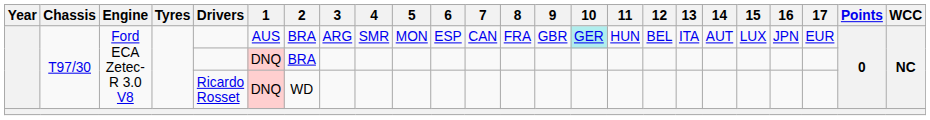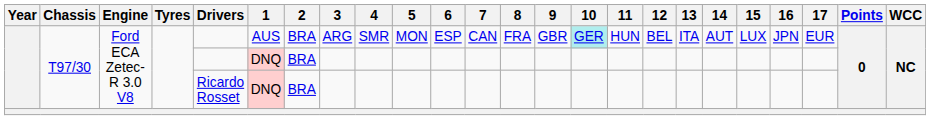 <table class="wikitable" style="text-align:center; font-size:85%">
 <tr>
 <th>Year</th>
 <th>Chassis</th>
 <th>Engine</th>
 <th>Tyres</th>
 <th>Drivers</th>
 <th>1</th>
 <th>2</th>
 <th>3</th>
 <th>4</th>
 <th>5</th>
 <th>6</th>
 <th>7</th>
 <th>8</th>
 <th>9</th>
 <th>10</th>
 <th>11</th>
 <th>12</th>
 <th>13</th>
 <th>14</th>
 <th>15</th>
 <th>16</th>
 <th>17</th>
 <th><a href='#'>Points</a></th>
 <th>WCC</th>
 </tr>
 <tr>
 <th rowspan="3"></th>
 <td rowspan="3"><a href='#'>T97/30</a></td>
 <td rowspan="3"><a href='#'>Ford</a> ECA Zetec-R 3.0 <a href='#'>V8</a></td>
 <td rowspan="3"></td>
 <td></td>
 <td><a href='#'>AUS</a></td>
 <td><a href='#'>BRA</a></td>
 <td><a href='#'>ARG</a></td>
 <td><a href='#'>SMR</a></td>
 <td><a href='#'>MON</a></td>
 <td><a href='#'>ESP</a></td>
 <td><a href='#'>CAN</a></td>
 <td><a href='#'>FRA</a></td>
 <td><a href='#'>GBR</a></td>
 <td style="background: paleturquoise;"><a href='#'>GER</a></td>
 <td><a href='#'>HUN</a></td>
 <td><a href='#'>BEL</a></td>
 <td><a href='#'>ITA</a></td>
 <td><a href='#'>AUT</a></td>
 <td><a href='#'>LUX</a></td>
 <td><a href='#'>JPN</a></td>
 <td><a href='#'>EUR</a></td>
 <th rowspan="3">0</th>
 <th rowspan="3">NC</th>
 </tr>
 <tr>
 <td align="left"></td>
 <td style="background:#ffcfcf;">DNQ</td>
 <td><a href='#'>BRA</a></td>
 <td></td>
 <td></td>
 <td></td>
 <td></td>
 <td></td>
 <td></td>
 <td></td>
 <td></td>
 <td></td>
 <td></td>
 <td></td>
 <td></td>
 <td></td>
 <td></td>
 <td></td>
 </tr>
 <tr>
 <td align="left"> <a href='#'>Ricardo Rosset</a></td>
 <td style="background:#ffcfcf;">DNQ</td>
-<td>WD</td>
+<td><a href='#'>BRA</a></td>
 <td></td>
 <td></td>
 <td></td>
 <td></td>
 <td></td>
 <td></td>
 <td></td>
 <td></td>
 <td></td>
 <td></td>
 <td></td>
 <td></td>
 <td></td>
 <td></td>
 <td></td>
 </tr>
 <tr>
 <th colspan="24"></th>
 </tr>
 </table>
